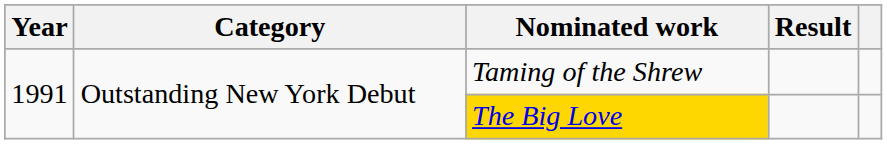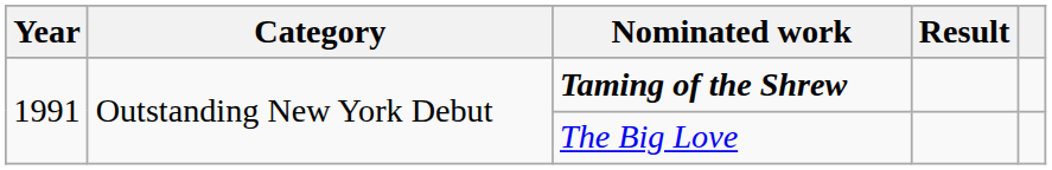 <table width="80%" class="wikitable">
 <tr>
 <th width="10">Year</th>
 <th width="300">Category</th>
 <th width="220">Nominated work</th>
 <th width="30">Result</th>
 <th width="10"></th>
 </tr>
 <tr>
 <td rowspan="2">1991</td>
 <td rowspan="2">Outstanding New York Debut</td>
-<td><em>Taming of the Shrew</em></td>
+<td><strong><em>Taming of the Shrew</em></strong></td>
 <td></td>
 <td></td>
 </tr>
 <tr>
-<td style="background: gold;"><em><a href='#'>The Big Love</a></em></td>
+<td><em><a href='#'>The Big Love</a></em></td>
 <td></td>
 <td></td>
 </tr>
 </table>
